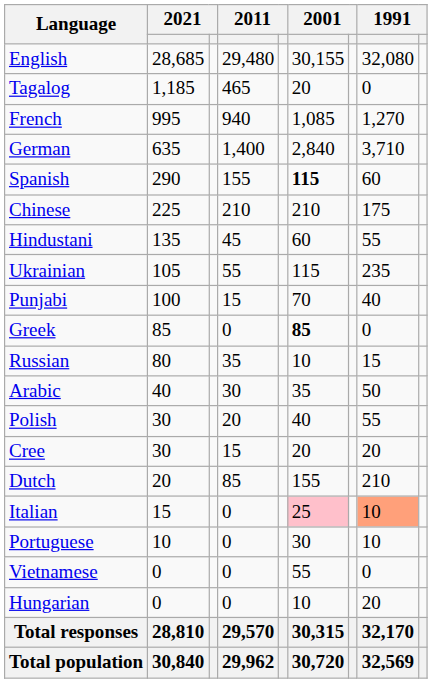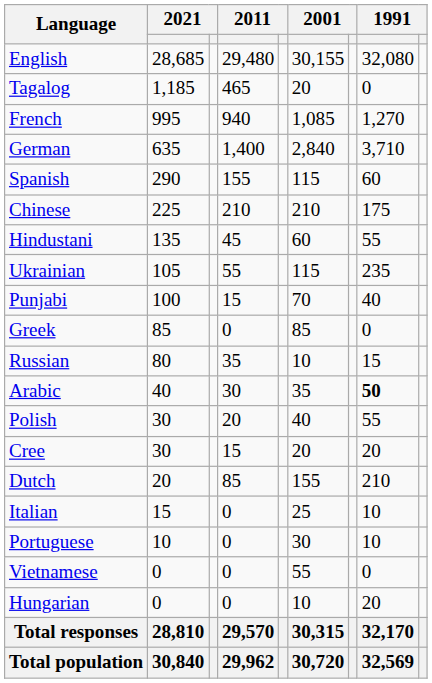 <table class="wikitable collapsible sortable">
 <tr>
 <th rowspan="2">Language</th>
 <th colspan="2">2021</th>
 <th colspan="2">2011</th>
 <th colspan="2">2001</th>
 <th colspan="2">1991</th>
 </tr>
 <tr>
 <th><a href='#'></a></th>
 <th></th>
 <th></th>
 <th></th>
 <th></th>
 <th></th>
 <th></th>
 <th></th>
 </tr>
 <tr>
 <td><a href='#'>English</a></td>
 <td>28,685</td>
 <td></td>
 <td>29,480</td>
 <td></td>
 <td>30,155</td>
 <td></td>
 <td>32,080</td>
 <td></td>
 </tr>
 <tr>
 <td><a href='#'>Tagalog</a></td>
 <td>1,185</td>
 <td></td>
 <td>465</td>
 <td></td>
 <td>20</td>
 <td></td>
 <td>0</td>
 <td></td>
 </tr>
 <tr>
 <td><a href='#'>French</a></td>
 <td>995</td>
 <td></td>
 <td>940</td>
 <td></td>
 <td>1,085</td>
 <td></td>
 <td>1,270</td>
 <td></td>
 </tr>
 <tr>
 <td><a href='#'>German</a></td>
 <td>635</td>
 <td></td>
 <td>1,400</td>
 <td></td>
 <td>2,840</td>
 <td></td>
 <td>3,710</td>
 <td></td>
 </tr>
 <tr>
 <td><a href='#'>Spanish</a></td>
 <td>290</td>
 <td></td>
 <td>155</td>
 <td></td>
-<td><strong>115</strong></td>
+<td>115</td>
 <td></td>
 <td>60</td>
 <td></td>
 </tr>
 <tr>
 <td><a href='#'>Chinese</a></td>
 <td>225</td>
 <td></td>
 <td>210</td>
 <td></td>
 <td>210</td>
 <td></td>
 <td>175</td>
 <td></td>
 </tr>
 <tr>
 <td><a href='#'>Hindustani</a></td>
 <td>135</td>
 <td></td>
 <td>45</td>
 <td></td>
 <td>60</td>
 <td></td>
 <td>55</td>
 <td></td>
 </tr>
 <tr>
 <td><a href='#'>Ukrainian</a></td>
 <td>105</td>
 <td></td>
 <td>55</td>
 <td></td>
 <td>115</td>
 <td></td>
 <td>235</td>
 <td></td>
 </tr>
 <tr>
 <td><a href='#'>Punjabi</a></td>
 <td>100</td>
 <td></td>
 <td>15</td>
 <td></td>
 <td>70</td>
 <td></td>
 <td>40</td>
 <td></td>
 </tr>
 <tr>
 <td><a href='#'>Greek</a></td>
 <td>85</td>
 <td></td>
 <td>0</td>
 <td></td>
-<td><strong>85</strong></td>
+<td>85</td>
 <td></td>
 <td>0</td>
 <td></td>
 </tr>
 <tr>
 <td><a href='#'>Russian</a></td>
 <td>80</td>
 <td></td>
 <td>35</td>
 <td></td>
 <td>10</td>
 <td></td>
 <td>15</td>
 <td></td>
 </tr>
 <tr>
 <td><a href='#'>Arabic</a></td>
 <td>40</td>
 <td></td>
 <td>30</td>
 <td></td>
 <td>35</td>
 <td></td>
-<td>50</td>
+<td><strong>50</strong></td>
 <td></td>
 </tr>
 <tr>
 <td><a href='#'>Polish</a></td>
 <td>30</td>
 <td></td>
 <td>20</td>
 <td></td>
 <td>40</td>
 <td></td>
 <td>55</td>
 <td></td>
 </tr>
 <tr>
 <td><a href='#'>Cree</a></td>
 <td>30</td>
 <td></td>
 <td>15</td>
 <td></td>
 <td>20</td>
 <td></td>
 <td>20</td>
 <td></td>
 </tr>
 <tr>
 <td><a href='#'>Dutch</a></td>
 <td>20</td>
 <td></td>
 <td>85</td>
 <td></td>
 <td>155</td>
 <td></td>
 <td>210</td>
 <td></td>
 </tr>
 <tr>
 <td><a href='#'>Italian</a></td>
 <td>15</td>
 <td></td>
 <td>0</td>
 <td></td>
-<td style="background: pink;">25</td>
+<td>25</td>
 <td></td>
-<td style="background: lightsalmon;">10</td>
+<td>10</td>
 <td></td>
 </tr>
 <tr>
 <td><a href='#'>Portuguese</a></td>
 <td>10</td>
 <td></td>
 <td>0</td>
 <td></td>
 <td>30</td>
 <td></td>
 <td>10</td>
 <td></td>
 </tr>
 <tr>
 <td><a href='#'>Vietnamese</a></td>
 <td>0</td>
 <td></td>
 <td>0</td>
 <td></td>
 <td>55</td>
 <td></td>
 <td>0</td>
 <td></td>
 </tr>
 <tr>
 <td><a href='#'>Hungarian</a></td>
 <td>0</td>
 <td></td>
 <td>0</td>
 <td></td>
 <td>10</td>
 <td></td>
 <td>20</td>
 <td></td>
 </tr>
 <tr>
 <th>Total responses</th>
 <th>28,810</th>
 <th></th>
 <th>29,570</th>
 <th></th>
 <th>30,315</th>
 <th></th>
 <th>32,170</th>
 <th></th>
 </tr>
 <tr>
 <th>Total population</th>
 <th>30,840</th>
 <th></th>
 <th>29,962</th>
 <th></th>
 <th>30,720</th>
 <th></th>
 <th>32,569</th>
 <th></th>
 </tr>
 </table>
